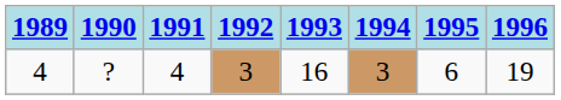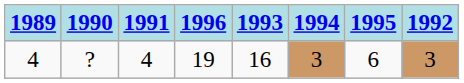 <table class="wikitable" style="text-align: center;">
 <tr>
 <th style="background: #b0e0e6;"><a href='#'>1989</a></th>
 <th style="background: #b0e0e6;"><a href='#'>1990</a></th>
 <th style="background: #b0e0e6;"><a href='#'>1991</a></th>
-<th style="background: #b0e0e6;"><a href='#'>1992</a></th>
+<th style="background: #b0e0e6;"><a href='#'>1996</a></th>
 <th style="background: #b0e0e6;"><a href='#'>1993</a></th>
 <th style="background: #b0e0e6;"><a href='#'>1994</a></th>
 <th style="background: #b0e0e6;"><a href='#'>1995</a></th>
-<th style="background: #b0e0e6;"><a href='#'>1996</a></th>
+<th style="background: #b0e0e6;"><a href='#'>1992</a></th>
 </tr>
 <tr>
 <td>4</td>
 <td>?</td>
 <td>4</td>
-<td style="background: #cc9966;">3</td>
+<td>19</td>
 <td>16</td>
 <td style="background: #cc9966;">3</td>
 <td>6</td>
-<td>19</td>
+<td style="background: #cc9966;">3</td>
 </tr>
 </table>
